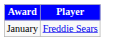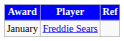 <table class="wikitable" style="text-align:center">
 <tr>
 <th style="background:blue; color:white; width=0%">Award</th>
 <th style="background:blue; color:white; width=0%">Player</th>
+<th style="background:blue; color:white; width=0%">Ref</th>
 </tr>
 <tr>
 <td>January</td>
 <td> <a href='#'>Freddie Sears</a></td>
+<td></td>
 </tr>
 </table>
